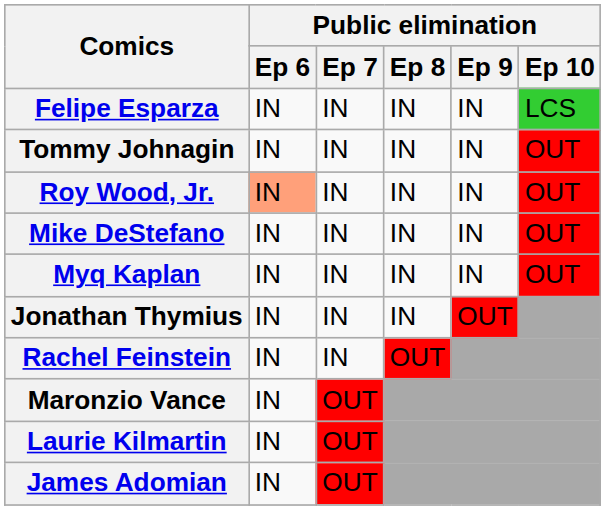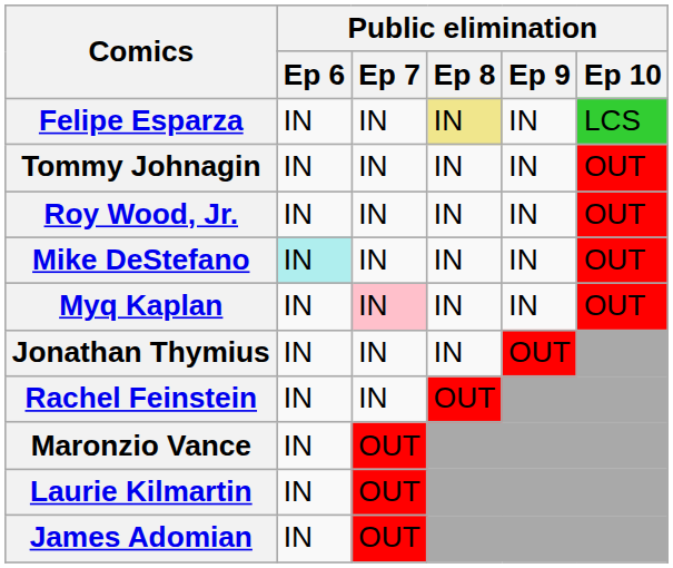 <table class="wikitable">
 <tr>
 <th rowspan="2">Comics</th>
 <th colspan="7">Public elimination</th>
 </tr>
 <tr>
 <th>Ep 6</th>
 <th>Ep 7</th>
 <th>Ep 8</th>
 <th>Ep 9</th>
 <th>Ep 10</th>
 </tr>
 <tr>
 <th><a href='#'>Felipe Esparza</a></th>
 <td>IN</td>
 <td>IN</td>
-<td>IN</td>
+<td style="background: khaki;">IN</td>
 <td>IN</td>
 <td style="background:limegreen;">LCS</td>
 </tr>
 <tr>
 <th>Tommy Johnagin</th>
 <td>IN</td>
 <td>IN</td>
 <td>IN</td>
 <td>IN</td>
 <td style="background:red;">OUT</td>
 </tr>
 <tr>
 <th><a href='#'>Roy Wood, Jr.</a></th>
-<td style="background: lightsalmon;">IN</td>
+<td>IN</td>
 <td>IN</td>
 <td>IN</td>
 <td>IN</td>
 <td style="background:red;">OUT</td>
 </tr>
 <tr>
 <th><a href='#'>Mike DeStefano</a></th>
-<td>IN</td>
+<td style="background: paleturquoise;">IN</td>
 <td>IN</td>
 <td>IN</td>
 <td>IN</td>
 <td style="background:red;">OUT</td>
 </tr>
 <tr>
 <th><a href='#'>Myq Kaplan</a></th>
 <td>IN</td>
-<td>IN</td>
+<td style="background: pink;">IN</td>
 <td>IN</td>
 <td>IN</td>
 <td style="background:red;">OUT</td>
 </tr>
 <tr>
 <th>Jonathan Thymius</th>
 <td>IN</td>
 <td>IN</td>
 <td>IN</td>
 <td style="background:red;">OUT</td>
 <td style="background:darkgrey;"></td>
 </tr>
 <tr>
 <th><a href='#'>Rachel Feinstein</a></th>
 <td>IN</td>
 <td>IN</td>
 <td style="background:red;">OUT</td>
 <td colspan="2" style="background:darkgrey;"></td>
 </tr>
 <tr>
 <th>Maronzio Vance</th>
 <td>IN</td>
 <td style="background:red;">OUT</td>
 <td colspan="3" style="background:darkgrey;"></td>
 </tr>
 <tr>
 <th><a href='#'>Laurie Kilmartin</a></th>
 <td>IN</td>
 <td style="background:red;">OUT</td>
 <td colspan="3" style="background:darkgrey;"></td>
 </tr>
 <tr>
 <th><a href='#'>James Adomian</a></th>
 <td>IN</td>
 <td style="background:red;">OUT</td>
 <td colspan="3" style="background:darkgrey;"></td>
 </tr>
 </table>
